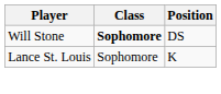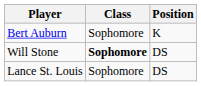 <table class="wikitable">
 <tr>
 <th style="text-align:center; ">Player</th>
 <th style="text-align:center; ">Class</th>
 <th style="text-align:center; ">Position</th>
+</tr>
+<tr>
+<td><a href='#'>Bert Auburn</a></td>
+<td>Sophomore</td>
+<td>K</td>
 </tr>
 <tr>
 <td>Will Stone</td>
 <td><strong>Sophomore</strong></td>
 <td>DS</td>
 </tr>
 <tr>
 <td>Lance St. Louis</td>
 <td>Sophomore</td>
-<td>K</td>
+<td>DS</td>
 </tr>
 </table>
